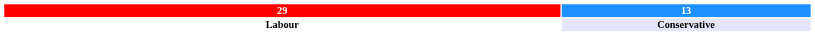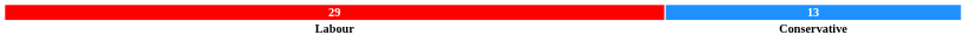 <table style="width:100%; text-align:center;">
 <tr style="color:white;">
 <td style="background:red; width:69.05%;"><strong>29</strong></td>
 <td style="background:dodgerblue; width:30.95%;"><strong>13</strong></td>
 </tr>
 <tr>
 <td><span><strong>Labour</strong></span></td>
-<td style="background: lavender;"><span><strong>Conservative</strong></span></td>
+<td><span><strong>Conservative</strong></span></td>
 </tr>
 </table>
